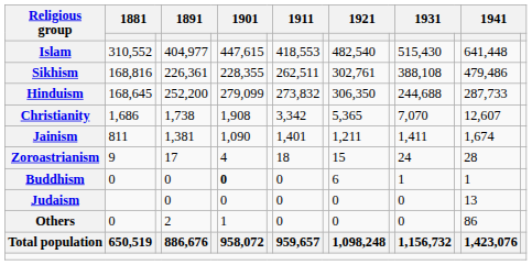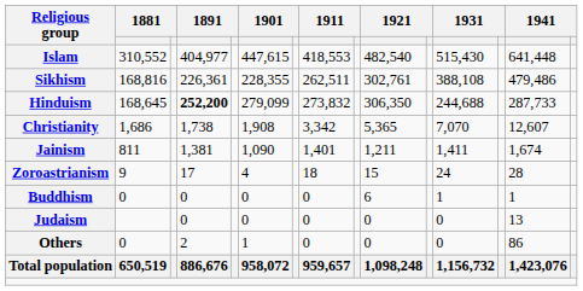 <table class="wikitable sortable">
 <tr>
 <th rowspan="2"><a href='#'>Religious</a><br>group</th>
 <th colspan="2">1881</th>
 <th colspan="2">1891</th>
 <th colspan="2">1901</th>
 <th colspan="2">1911</th>
 <th colspan="2">1921</th>
 <th colspan="2">1931</th>
 <th colspan="2">1941</th>
 </tr>
 <tr>
 <th><a href='#'></a></th>
 <th></th>
 <th></th>
 <th></th>
 <th></th>
 <th></th>
 <th></th>
 <th></th>
 <th></th>
 <th></th>
 <th></th>
 <th></th>
 <th></th>
 <th></th>
 </tr>
 <tr>
 <th><a href='#'>Islam</a> </th>
 <td>310,552</td>
 <td></td>
 <td>404,977</td>
 <td></td>
 <td>447,615</td>
 <td></td>
 <td>418,553</td>
 <td></td>
 <td>482,540</td>
 <td></td>
 <td>515,430</td>
 <td></td>
 <td>641,448</td>
 <td></td>
 </tr>
 <tr>
 <th><a href='#'>Sikhism</a> </th>
 <td>168,816</td>
 <td></td>
 <td>226,361</td>
 <td></td>
 <td>228,355</td>
 <td></td>
 <td>262,511</td>
 <td></td>
 <td>302,761</td>
 <td></td>
 <td>388,108</td>
 <td></td>
 <td>479,486</td>
 <td></td>
 </tr>
 <tr>
 <th><a href='#'>Hinduism</a> </th>
 <td>168,645</td>
 <td></td>
-<td>252,200</td>
+<td><strong>252,200</strong></td>
 <td></td>
 <td>279,099</td>
 <td></td>
 <td>273,832</td>
 <td></td>
 <td>306,350</td>
 <td></td>
 <td>244,688</td>
 <td></td>
 <td>287,733</td>
 <td></td>
 </tr>
 <tr>
 <th><a href='#'>Christianity</a> </th>
 <td>1,686</td>
 <td></td>
 <td>1,738</td>
 <td></td>
 <td>1,908</td>
 <td></td>
 <td>3,342</td>
 <td></td>
 <td>5,365</td>
 <td></td>
 <td>7,070</td>
 <td></td>
 <td>12,607</td>
 <td></td>
 </tr>
 <tr>
 <th><a href='#'>Jainism</a> </th>
 <td>811</td>
 <td></td>
 <td>1,381</td>
 <td></td>
 <td>1,090</td>
 <td></td>
 <td>1,401</td>
 <td></td>
 <td>1,211</td>
 <td></td>
 <td>1,411</td>
 <td></td>
 <td>1,674</td>
 <td></td>
 </tr>
 <tr>
 <th><a href='#'>Zoroastrianism</a> </th>
 <td>9</td>
 <td></td>
 <td>17</td>
 <td></td>
 <td>4</td>
 <td></td>
 <td>18</td>
 <td></td>
 <td>15</td>
 <td></td>
 <td>24</td>
 <td></td>
 <td>28</td>
 <td></td>
 </tr>
 <tr>
 <th><a href='#'>Buddhism</a> </th>
 <td>0</td>
 <td></td>
 <td>0</td>
 <td></td>
-<td><strong>0</strong></td>
+<td>0</td>
 <td></td>
 <td>0</td>
 <td></td>
 <td>6</td>
 <td></td>
 <td>1</td>
 <td></td>
 <td>1</td>
 <td></td>
 </tr>
 <tr>
 <th><a href='#'>Judaism</a> </th>
 <td></td>
 <td></td>
 <td>0</td>
 <td></td>
 <td>0</td>
 <td></td>
 <td>0</td>
 <td></td>
 <td>0</td>
 <td></td>
 <td>0</td>
 <td></td>
 <td>13</td>
 <td></td>
 </tr>
 <tr>
 <th>Others</th>
 <td>0</td>
 <td></td>
 <td>2</td>
 <td></td>
 <td>1</td>
 <td></td>
 <td>0</td>
 <td></td>
 <td>0</td>
 <td></td>
 <td>0</td>
 <td></td>
 <td>86</td>
 <td></td>
 </tr>
 <tr>
 <th>Total population</th>
 <th>650,519</th>
 <th></th>
 <th>886,676</th>
 <th></th>
 <th>958,072</th>
 <th></th>
 <th>959,657</th>
 <th></th>
 <th>1,098,248</th>
 <th></th>
 <th>1,156,732</th>
 <th></th>
 <th>1,423,076</th>
 <th></th>
 </tr>
 <tr class="sortbottom">
 <td colspan="15"></td>
 </tr>
 </table>
